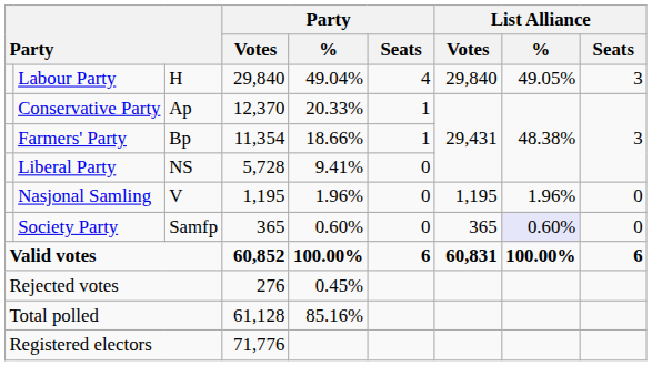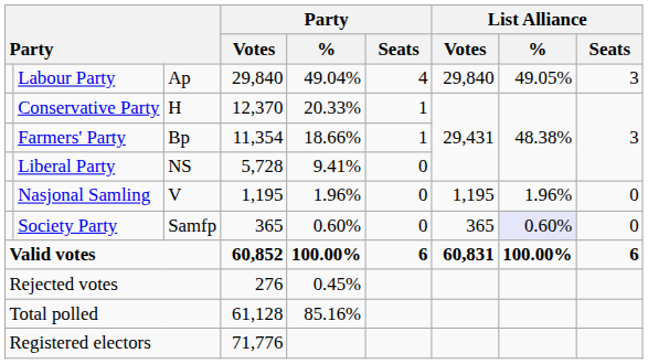 <table class="wikitable" border="1" style="text-align:right;">
 <tr>
 <th style="text-align:left;" valign=bottom rowspan=2 colspan=3>Party</th>
 <th colspan=3>Party</th>
 <th colspan=3>List Alliance</th>
 </tr>
 <tr>
 <th align=center valign=bottom width="50">Votes</th>
 <th align=center valign=bottom width="50">%</th>
 <th align=center valign=bottom width="50">Seats</th>
 <th align=center valign=bottom width="50">Votes</th>
 <th align=center valign=bottom width="50">%</th>
 <th align=center valign=bottom width="50">Seats</th>
 </tr>
 <tr>
 <td style="color:inherit;background:"></td>
 <td align=left><a href='#'>Labour Party</a></td>
-<td align=left>H</td>
+<td align=left>Ap</td>
 <td>29,840</td>
 <td>49.04%</td>
 <td>4</td>
 <td>29,840</td>
 <td>49.05%</td>
 <td>3</td>
 </tr>
 <tr>
 <td style="color:inherit;background:"></td>
 <td align=left><a href='#'>Conservative Party</a></td>
-<td align=left>Ap</td>
+<td align=left>H</td>
 <td>12,370</td>
 <td>20.33%</td>
 <td>1</td>
 <td rowspan=3>29,431</td>
 <td rowspan=3>48.38%</td>
 <td rowspan=3>3</td>
 </tr>
 <tr>
 <td style="color:inherit;background:"></td>
 <td align=left><a href='#'>Farmers' Party</a></td>
 <td align=left>Bp</td>
 <td>11,354</td>
 <td>18.66%</td>
 <td>1</td>
 </tr>
 <tr>
 <td style="color:inherit;background:"></td>
 <td align=left><a href='#'>Liberal Party</a></td>
 <td align=left>NS</td>
 <td>5,728</td>
 <td>9.41%</td>
 <td>0</td>
 </tr>
 <tr>
 <td style="color:inherit;background:"></td>
 <td align=left><a href='#'>Nasjonal Samling</a></td>
 <td align=left>V</td>
 <td>1,195</td>
 <td>1.96%</td>
 <td>0</td>
 <td>1,195</td>
 <td>1.96%</td>
 <td>0</td>
 </tr>
 <tr>
 <td></td>
 <td align=left><a href='#'>Society Party</a></td>
 <td align=left>Samfp</td>
 <td>365</td>
 <td>0.60%</td>
 <td>0</td>
 <td>365</td>
 <td style="background: lavender;">0.60%</td>
 <td>0</td>
 </tr>
 <tr style="font-weight:bold">
 <td align=left colspan=3>Valid votes</td>
 <td>60,852</td>
 <td>100.00%</td>
 <td>6</td>
 <td>60,831</td>
 <td>100.00%</td>
 <td>6</td>
 </tr>
 <tr>
 <td align=left colspan=3>Rejected votes</td>
 <td>276</td>
 <td>0.45%</td>
 <td></td>
 <td></td>
 <td></td>
 <td></td>
 </tr>
 <tr>
 <td align=left colspan=3>Total polled</td>
 <td>61,128</td>
 <td>85.16%</td>
 <td></td>
 <td></td>
 <td></td>
 <td></td>
 </tr>
 <tr>
 <td align=left colspan=3>Registered electors</td>
 <td>71,776</td>
 <td></td>
 <td></td>
 <td></td>
 <td></td>
 <td></td>
 </tr>
 </table>
